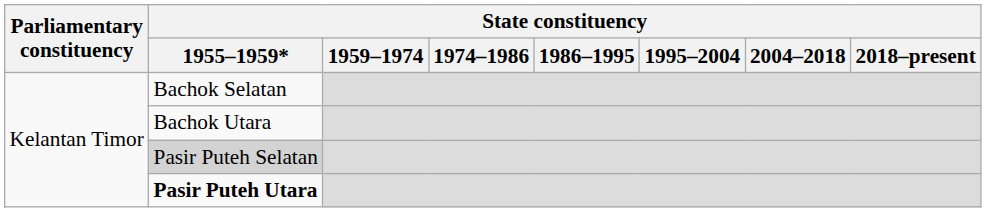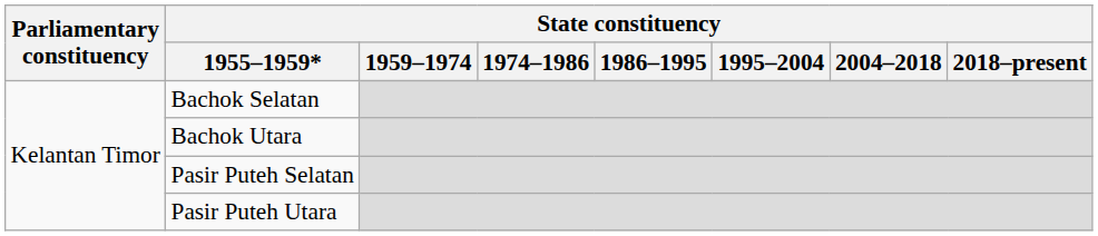 <table class="wikitable">
 <tr>
 <th rowspan="2">Parliamentary<br>constituency</th>
 <th colspan="7">State constituency</th>
 </tr>
 <tr>
 <th>1955–1959*</th>
 <th>1959–1974</th>
 <th>1974–1986</th>
 <th>1986–1995</th>
 <th>1995–2004</th>
 <th>2004–2018</th>
 <th>2018–present</th>
 </tr>
 <tr>
 <td rowspan="4">Kelantan Timor</td>
 <td>Bachok Selatan</td>
 <td colspan="6" bgcolor="dcdcdc"></td>
 </tr>
 <tr>
 <td>Bachok Utara</td>
 <td colspan="6" bgcolor="dcdcdc"></td>
 </tr>
 <tr>
-<td style="background: lightgrey;">Pasir Puteh Selatan</td>
+<td>Pasir Puteh Selatan</td>
 <td colspan="6" bgcolor="dcdcdc"></td>
 </tr>
 <tr>
-<td><strong>Pasir Puteh Utara</strong></td>
+<td>Pasir Puteh Utara</td>
 <td colspan="6" bgcolor="dcdcdc"></td>
 </tr>
 </table>
